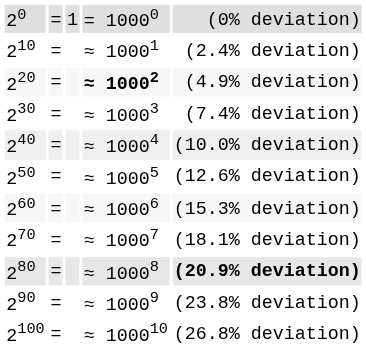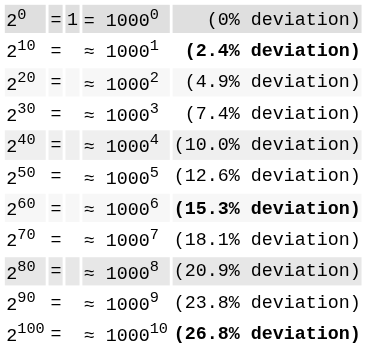 <table class="mw-collapsible">
 <tr style="background:#dfdfdf;" |>
 <td>2<sup>0</sup></td>
 <td>=</td>
 <td align="left">1</td>
 <td>= 1000<sup>0</sup></td>
 <td align="right">(0% deviation)</td>
 </tr>
 <tr style="background:white;" |>
 <td>2<sup>10</sup></td>
 <td>=</td>
 <td align="left"></td>
 <td>≈ 1000<sup>1</sup></td>
-<td align="right">(2.4% deviation)</td>
+<td align="right"><strong>(2.4% deviation)</strong></td>
 </tr>
 <tr style="background:#f7f7f7;" |>
 <td>2<sup>20</sup></td>
 <td>=</td>
 <td align="left"></td>
-<td><strong>≈ 1000<sup>2</sup></strong></td>
+<td>≈ 1000<sup>2</sup></td>
 <td align="right">(4.9% deviation)</td>
 </tr>
 <tr style="background:white;" |>
 <td>2<sup>30</sup></td>
 <td>=</td>
 <td align="left"></td>
 <td>≈ 1000<sup>3</sup></td>
 <td align="right">(7.4% deviation)</td>
 </tr>
 <tr style="background:#efefef;" |>
 <td>2<sup>40</sup></td>
 <td>=</td>
 <td align="left"></td>
 <td>≈ 1000<sup>4</sup></td>
 <td align="right">(10.0% deviation)</td>
 </tr>
 <tr style="background:white;" |>
 <td>2<sup>50</sup></td>
 <td>=</td>
 <td align="left"></td>
 <td>≈ 1000<sup>5</sup></td>
 <td align="right">(12.6% deviation)</td>
 </tr>
 <tr style="background:#f7f7f7;" |>
 <td>2<sup>60</sup></td>
 <td>=</td>
 <td align="left"></td>
 <td>≈ 1000<sup>6</sup></td>
-<td align="right">(15.3% deviation)</td>
+<td align="right"><strong>(15.3% deviation)</strong></td>
 </tr>
 <tr style="background:white;" |>
 <td>2<sup>70</sup></td>
 <td>=</td>
 <td align="left"></td>
 <td>≈ 1000<sup>7</sup></td>
 <td align="right">(18.1% deviation)</td>
 </tr>
 <tr style="background:#e7e7e7;" |>
 <td>2<sup>80</sup></td>
 <td>=</td>
 <td align="left"></td>
 <td>≈ 1000<sup>8</sup></td>
-<td align="right"><strong>(20.9% deviation)</strong></td>
+<td align="right">(20.9% deviation)</td>
 </tr>
 <tr style="background:white;" |>
 <td>2<sup>90</sup></td>
 <td>=</td>
 <td align="left"></td>
 <td>≈  1000<sup>9</sup></td>
 <td align="right">(23.8% deviation)</td>
 </tr>
 <tr style="background:white;">
 <td>2<sup>100</sup></td>
 <td>=</td>
 <td align="left"></td>
 <td>≈  1000<sup>10</sup></td>
-<td align="right">(26.8% deviation)</td>
+<td align="right"><strong>(26.8% deviation)</strong></td>
 </tr>
 </table>
